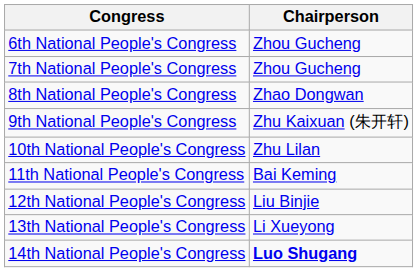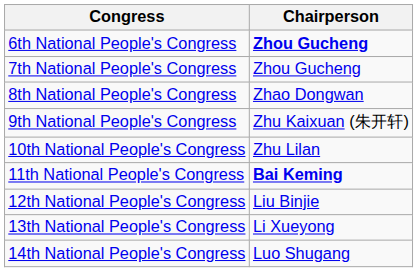 <table class="wikitable">
 <tr>
 <th>Congress</th>
 <th>Chairperson</th>
 </tr>
 <tr>
 <td><a href='#'>6th National People's Congress</a></td>
-<td><a href='#'>Zhou Gucheng</a></td>
+<td><strong><a href='#'>Zhou Gucheng</a></strong></td>
 </tr>
 <tr>
 <td><a href='#'>7th National People's Congress</a></td>
 <td><a href='#'>Zhou Gucheng</a></td>
 </tr>
 <tr>
 <td><a href='#'>8th National People's Congress</a></td>
 <td><a href='#'>Zhao Dongwan</a></td>
 </tr>
 <tr>
 <td><a href='#'>9th National People's Congress</a></td>
 <td><a href='#'>Zhu Kaixuan</a> (朱开轩)</td>
 </tr>
 <tr>
 <td><a href='#'>10th National People's Congress</a></td>
 <td><a href='#'>Zhu Lilan</a></td>
 </tr>
 <tr>
 <td><a href='#'>11th National People's Congress</a></td>
-<td><a href='#'>Bai Keming</a></td>
+<td><strong><a href='#'>Bai Keming</a></strong></td>
 </tr>
 <tr>
 <td><a href='#'>12th National People's Congress</a></td>
 <td><a href='#'>Liu Binjie</a></td>
 </tr>
 <tr>
 <td><a href='#'>13th National People's Congress</a></td>
 <td><a href='#'>Li Xueyong</a></td>
 </tr>
 <tr>
 <td><a href='#'>14th National People's Congress</a></td>
-<td><strong><a href='#'>Luo Shugang</a></strong></td>
+<td><a href='#'>Luo Shugang</a></td>
 </tr>
 </table>
